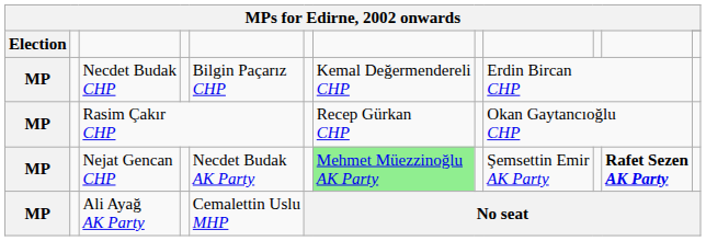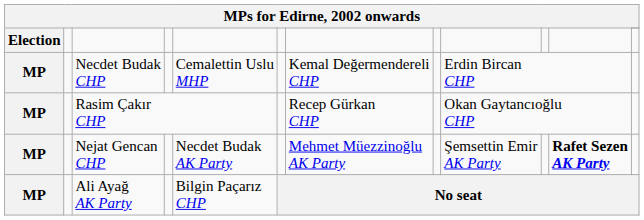 <table class="wikitable">
 <tr>
 <th colspan = 12>MPs for Edirne, 2002 onwards</th>
 </tr>
 <tr>
 <th rowspan = 2>Election</th>
 <td rowspan="2" style="width:1px;"></td>
 <td rowspan = 2></td>
 <td rowspan="2" style="width:1px;"></td>
 <td rowspan = 2></td>
 <td rowspan="2" style="width:1px;"></td>
 <td rowspan = 2></td>
 <td rowspan="2" style="width:1px;"></td>
 <td rowspan = 2></td>
 <td rowspan="2" style="width:1px;"></td>
 <td rowspan = 2></td>
 </tr>
 <tr>
 <td></td>
 </tr>
 <tr>
 <th>MP</th>
 <td width=1px style="background-color: "></td>
 <td colspan = 1>Necdet Budak<br><em><a href='#'>CHP</a></em></td>
 <td width=1px style="background-color: "></td>
-<td colspan = 1>Bilgin Paçarız<br><em><a href='#'>CHP</a></em></td>
+<td colspan = 1>Cemalettin Uslu<br><em><a href='#'>MHP</a></em></td>
 <td width=1px style="background-color: "></td>
 <td colspan = 1>Kemal Değermendereli<br><em><a href='#'>CHP</a></em></td>
 <td width=1px style="background-color: "></td>
 <td colspan = 3>Erdin Bircan<br><em><a href='#'>CHP</a></em></td>
 <td width=1px style="background-color: "></td>
 </tr>
 <tr>
 <th>MP</th>
 <td width=1px style="background-color: "></td>
 <td colspan = 3>Rasim Çakır<br><em><a href='#'>CHP</a></em></td>
 <td width=1px style="background-color: "></td>
 <td colspan = 1>Recep Gürkan<br><em><a href='#'>CHP</a></em></td>
 <td width=1px style="background-color: "></td>
 <td colspan = 3>Okan Gaytancıoğlu<br><em><a href='#'>CHP</a></em></td>
 <td width=1px style="background-color: "></td>
 </tr>
 <tr>
 <th>MP</th>
 <td width=1px style="background-color: "></td>
 <td colspan = 1>Nejat Gencan<br><em><a href='#'>CHP</a></em></td>
 <td width=1px style="background-color: "></td>
 <td colspan = 1>Necdet Budak<br><em><a href='#'>AK Party</a></em></td>
 <td width=1px style="background-color: "></td>
-<td colspan = 1 style="background: lightgreen;"><a href='#'>Mehmet Müezzinoğlu</a><br><em><a href='#'>AK Party</a></em></td>
+<td colspan = 1><a href='#'>Mehmet Müezzinoğlu</a><br><em><a href='#'>AK Party</a></em></td>
 <td width=1px style="background-color: "></td>
 <td colspan = 1>Şemsettin Emir<br><em><a href='#'>AK Party</a></em></td>
 <td width=1px style="background-color: "></td>
 <td colspan = 1><strong>Rafet Sezen<br><em><a href='#'>AK Party</a></em></strong></td>
 <td width=1px style="background-color: "></td>
 </tr>
 <tr>
 <th>MP</th>
 <td width=1px style="background-color: "></td>
 <td colspan = 1>Ali Ayağ<br><em><a href='#'>AK Party</a></em></td>
 <td width=1px style="background-color: "></td>
-<td colspan = 1>Cemalettin Uslu<br><em><a href='#'>MHP</a></em></td>
+<td colspan = 1>Bilgin Paçarız<br><em><a href='#'>CHP</a></em></td>
 <th colspan = 7>No seat</th>
 </tr>
 </table>
